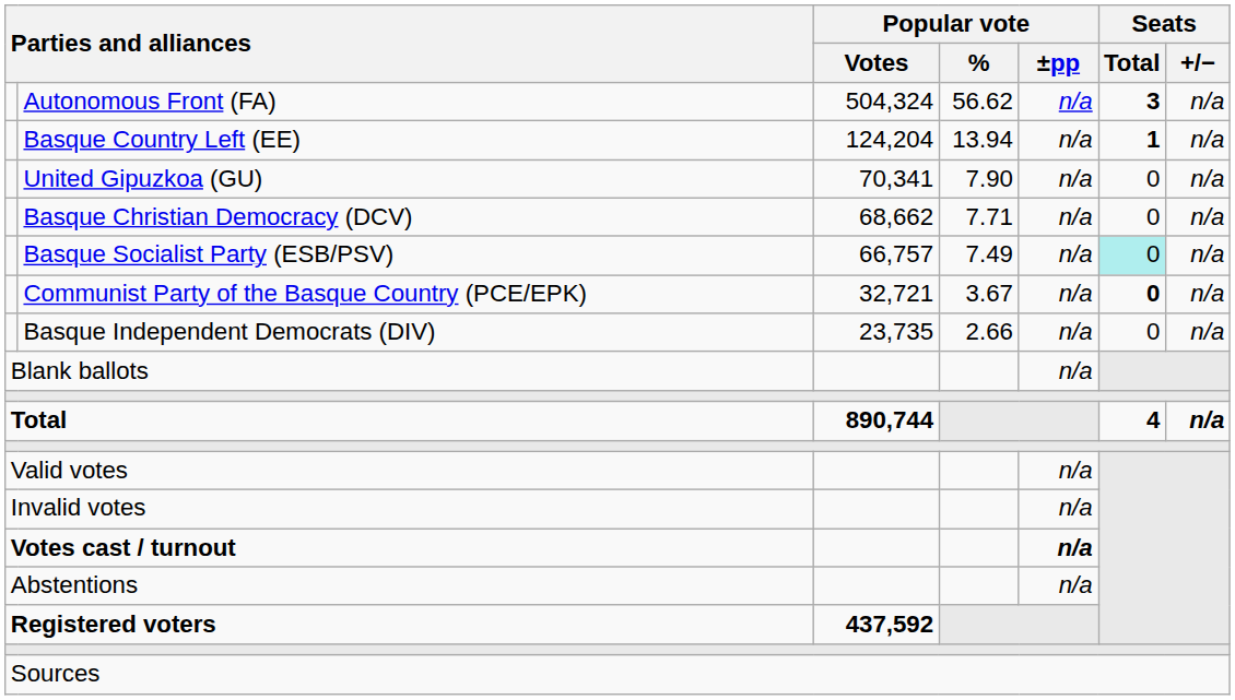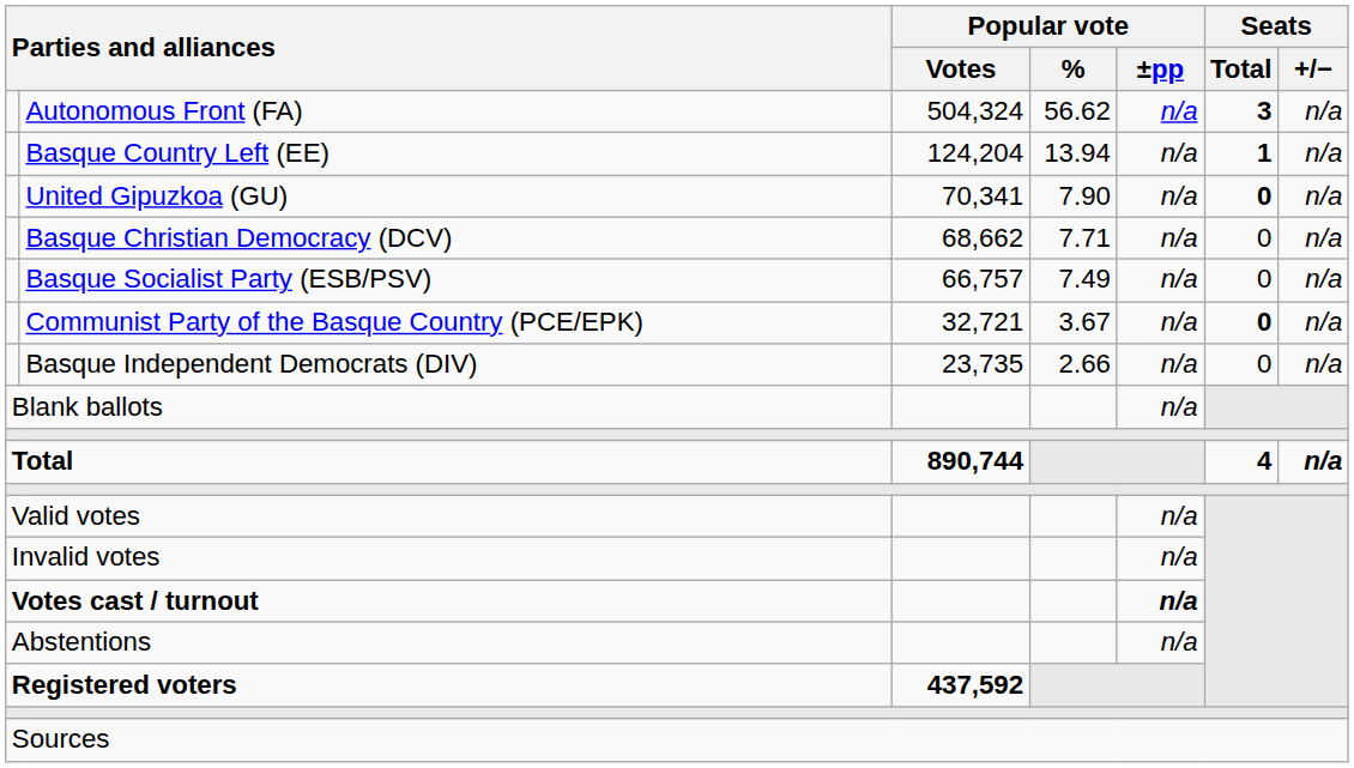 <table class="wikitable" style="text-align:right;">
 <tr>
 <th style="text-align:left;" rowspan="2" colspan="2" width="525">Parties and alliances</th>
 <th colspan="3">Popular vote</th>
 <th colspan="2">Seats</th>
 </tr>
 <tr>
 <th width="75">Votes</th>
 <th width="45">%</th>
 <th width="45">±<a href='#'>pp</a></th>
 <th width="35">Total</th>
 <th width="35">+/−</th>
 </tr>
 <tr>
 <td width="1" style="color:inherit;background:"></td>
 <td align="left"><a href='#'>Autonomous Front</a> (FA)</td>
 <td>504,324</td>
 <td>56.62</td>
 <td><em><a href='#'>n/a</a></em></td>
 <td><strong>3</strong></td>
 <td><em>n/a</em></td>
 </tr>
 <tr>
 <td style="color:inherit;background:"></td>
 <td align="left"><a href='#'>Basque Country Left</a> (EE)</td>
 <td>124,204</td>
 <td>13.94</td>
 <td><em>n/a</em></td>
 <td><strong>1</strong></td>
 <td><em>n/a</em></td>
 </tr>
 <tr>
 <td style="color:inherit;background:"></td>
 <td align="left"><a href='#'>United Gipuzkoa</a> (GU)</td>
 <td>70,341</td>
 <td>7.90</td>
 <td><em>n/a</em></td>
-<td>0</td>
+<td><strong>0</strong></td>
 <td><em>n/a</em></td>
 </tr>
 <tr>
 <td style="color:inherit;background:"></td>
 <td align="left"><a href='#'>Basque Christian Democracy</a> (DCV)</td>
 <td>68,662</td>
 <td>7.71</td>
 <td><em>n/a</em></td>
 <td>0</td>
 <td><em>n/a</em></td>
 </tr>
 <tr>
 <td style="color:inherit;background:"></td>
 <td align="left"><a href='#'>Basque Socialist Party</a> (ESB/PSV)</td>
 <td>66,757</td>
 <td>7.49</td>
 <td><em>n/a</em></td>
-<td style="background: paleturquoise;">0</td>
+<td>0</td>
 <td><em>n/a</em></td>
 </tr>
 <tr>
 <td style="color:inherit;background:"></td>
 <td align="left"><a href='#'>Communist Party of the Basque Country</a> (PCE/EPK)</td>
 <td>32,721</td>
 <td>3.67</td>
 <td><em>n/a</em></td>
 <td><strong>0</strong></td>
 <td><em>n/a</em></td>
 </tr>
 <tr>
 <td style="color:inherit;background:"></td>
 <td align="left">Basque Independent Democrats (DIV)</td>
 <td>23,735</td>
 <td>2.66</td>
 <td><em>n/a</em></td>
 <td>0</td>
 <td><em>n/a</em></td>
 </tr>
 <tr>
 <td align="left" colspan="2">Blank ballots</td>
 <td></td>
 <td></td>
 <td><em>n/a</em></td>
 <td bgcolor="#E9E9E9" colspan="2"></td>
 </tr>
 <tr>
 <td colspan="7" bgcolor="#E9E9E9"></td>
 </tr>
 <tr style="font-weight:bold;">
 <td align="left" colspan="2">Total</td>
 <td>890,744</td>
 <td bgcolor="#E9E9E9" colspan="2"></td>
 <td>4</td>
 <td><em>n/a</em></td>
 </tr>
 <tr>
 <td colspan="7" bgcolor="#E9E9E9"></td>
 </tr>
 <tr>
 <td align="left" colspan="2">Valid votes</td>
 <td></td>
 <td></td>
 <td><em>n/a</em></td>
 <td bgcolor="#E9E9E9" colspan="2" rowspan="5"></td>
 </tr>
 <tr>
 <td align="left" colspan="2">Invalid votes</td>
 <td></td>
 <td></td>
 <td><em>n/a</em></td>
 </tr>
 <tr style="font-weight:bold;">
 <td align="left" colspan="2">Votes cast / turnout</td>
 <td></td>
 <td></td>
 <td><em>n/a</em></td>
 </tr>
 <tr>
 <td align="left" colspan="2">Abstentions</td>
 <td></td>
 <td></td>
 <td><em>n/a</em></td>
 </tr>
 <tr style="font-weight:bold;">
 <td align="left" colspan="2">Registered voters</td>
 <td>437,592</td>
 <td bgcolor="#E9E9E9" colspan="2"></td>
 </tr>
 <tr>
 <td colspan="7" bgcolor="#E9E9E9"></td>
 </tr>
 <tr>
 <td align="left" colspan="7">Sources</td>
 </tr>
 </table>
